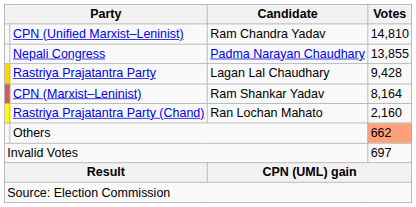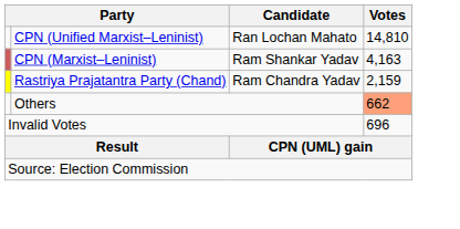 <table class="wikitable">
 <tr>
 <th colspan="2">Party</th>
 <th>Candidate</th>
 <th>Votes</th>
 </tr>
 <tr>
 <td style="background-color:"></td>
 <td><a href='#'>CPN (Unified Marxist–Leninist)</a></td>
-<td>Ram Chandra Yadav</td>
+<td>Ran Lochan Mahato</td>
 <td>14,810</td>
-</tr>
-<tr>
-<td style="background-color:"></td>
-<td><a href='#'>Nepali Congress</a></td>
-<td><a href='#'>Padma Narayan Chaudhary</a></td>
-<td>13,855</td>
-</tr>
-<tr>
-<td style="background-color:gold"></td>
-<td><a href='#'>Rastriya Prajatantra Party</a></td>
-<td>Lagan Lal Chaudhary</td>
-<td>9,428</td>
 </tr>
 <tr>
 <td style="background-color:indianred"></td>
 <td><a href='#'>CPN (Marxist–Leninist)</a></td>
 <td>Ram Shankar Yadav</td>
-<td>8,164</td>
+<td>4,163</td>
 </tr>
 <tr>
 <td style="background-color:yellow"></td>
 <td><a href='#'>Rastriya Prajatantra Party (Chand)</a></td>
-<td>Ran Lochan Mahato</td>
-<td>2,160</td>
+<td>Ram Chandra Yadav</td>
+<td>2,159</td>
 </tr>
 <tr>
 <td></td>
 <td colspan="2">Others</td>
 <td style="background: lightsalmon;">662</td>
 </tr>
 <tr>
 <td colspan="3">Invalid Votes</td>
-<td>697</td>
+<td>696</td>
 </tr>
 <tr>
 <th colspan="2">Result</th>
 <th colspan="2">CPN (UML) gain</th>
 </tr>
 <tr>
 <td colspan="4">Source: Election Commission</td>
 </tr>
 </table>
